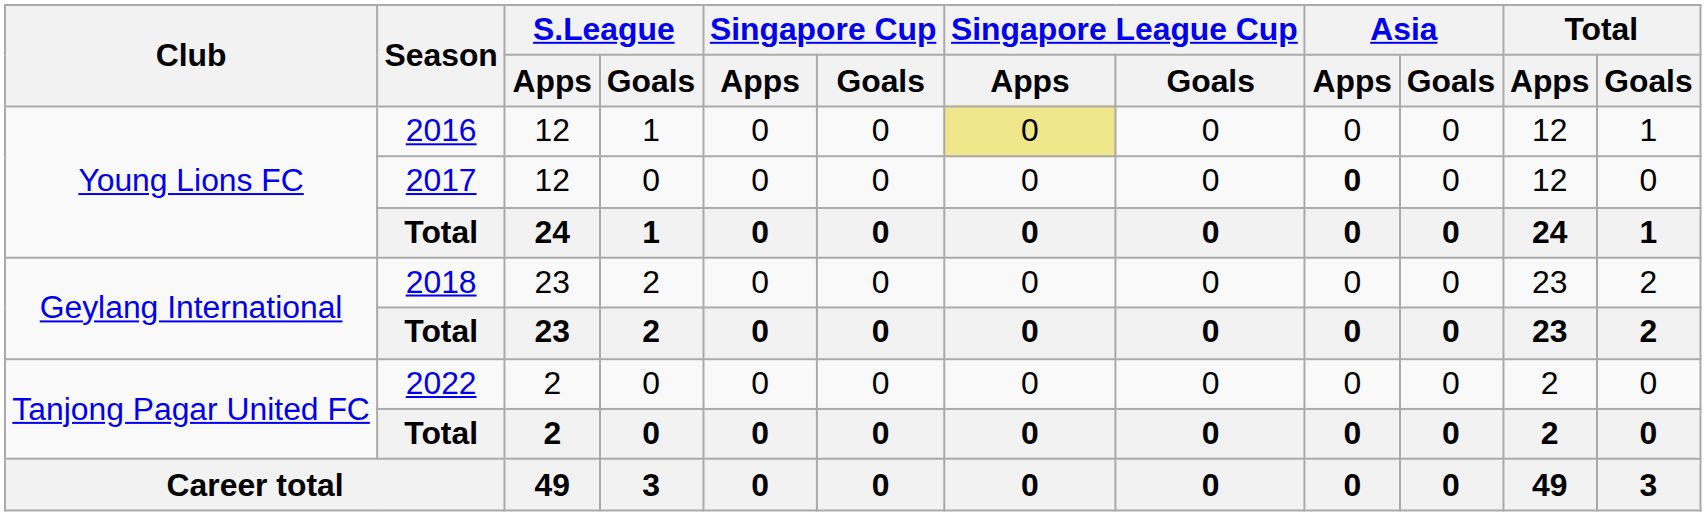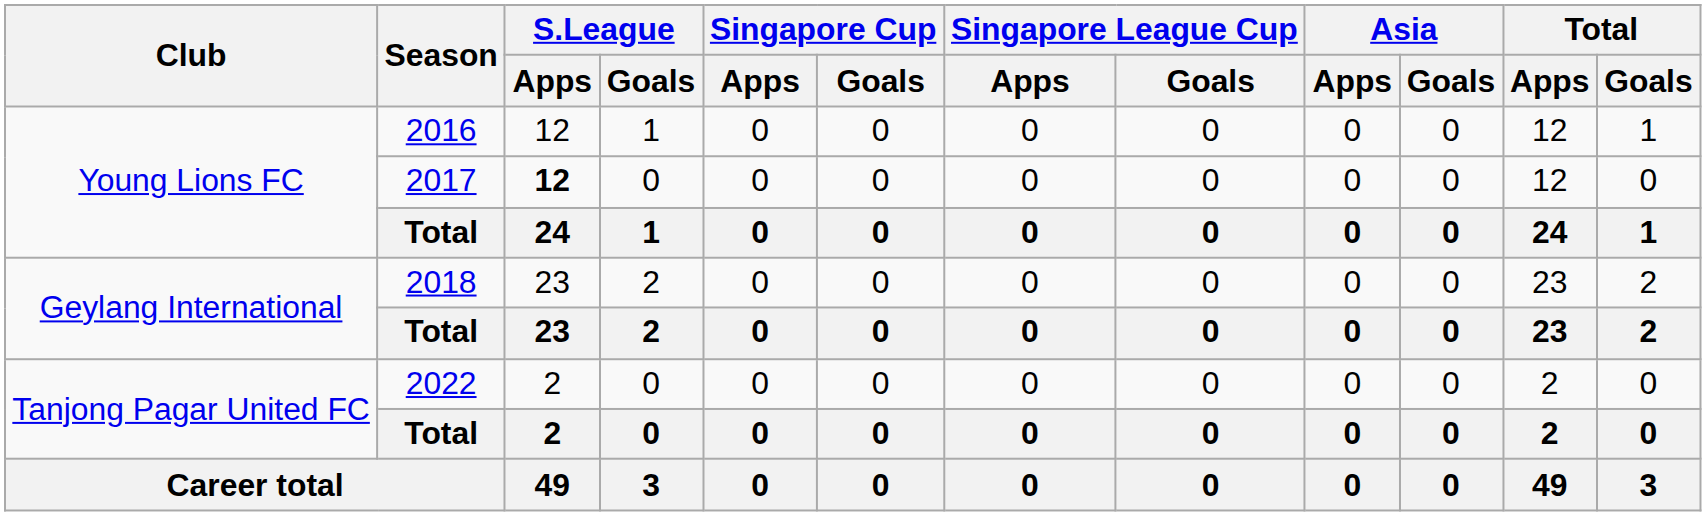 <table style="text-align:center" class="wikitable">
 <tr>
 <th rowspan="2">Club</th>
 <th rowspan="2">Season</th>
 <th colspan="2"><a href='#'>S.League</a></th>
 <th colspan="2"><a href='#'>Singapore Cup</a></th>
 <th colspan="2"><a href='#'>Singapore League Cup</a></th>
 <th colspan="2"><a href='#'>Asia</a></th>
 <th colspan="2">Total</th>
 </tr>
 <tr>
 <th>Apps</th>
 <th>Goals</th>
 <th>Apps</th>
 <th>Goals</th>
 <th>Apps</th>
 <th>Goals</th>
 <th>Apps</th>
 <th>Goals</th>
 <th>Apps</th>
 <th>Goals</th>
 </tr>
 <tr>
 <td rowspan="3"><a href='#'>Young Lions FC</a></td>
 <td><a href='#'>2016</a></td>
 <td>12</td>
 <td>1</td>
 <td>0</td>
 <td>0</td>
-<td style="background: khaki;">0</td>
+<td>0</td>
 <td>0</td>
 <td>0</td>
 <td>0</td>
 <td>12</td>
 <td>1</td>
 </tr>
 <tr>
 <td><a href='#'>2017</a></td>
-<td>12</td>
+<td><strong>12</strong></td>
 <td>0</td>
 <td>0</td>
 <td>0</td>
 <td>0</td>
 <td>0</td>
-<td><strong>0</strong></td>
+<td>0</td>
 <td>0</td>
 <td>12</td>
 <td>0</td>
 </tr>
 <tr>
 <th>Total</th>
 <th>24</th>
 <th>1</th>
 <th>0</th>
 <th>0</th>
 <th>0</th>
 <th>0</th>
 <th>0</th>
 <th>0</th>
 <th>24</th>
 <th>1</th>
 </tr>
 <tr>
 <td rowspan="2"><a href='#'>Geylang International</a></td>
 <td><a href='#'>2018</a></td>
 <td>23</td>
 <td>2</td>
 <td>0</td>
 <td>0</td>
 <td>0</td>
 <td>0</td>
 <td>0</td>
 <td>0</td>
 <td>23</td>
 <td>2</td>
 </tr>
 <tr>
 <th>Total</th>
 <th>23</th>
 <th>2</th>
 <th>0</th>
 <th>0</th>
 <th>0</th>
 <th>0</th>
 <th>0</th>
 <th>0</th>
 <th>23</th>
 <th>2</th>
 </tr>
 <tr>
 <td rowspan="2"><a href='#'>Tanjong Pagar United FC</a></td>
 <td><a href='#'>2022</a></td>
 <td>2</td>
 <td>0</td>
 <td>0</td>
 <td>0</td>
 <td>0</td>
 <td>0</td>
 <td>0</td>
 <td>0</td>
 <td>2</td>
 <td>0</td>
 </tr>
 <tr>
 <th>Total</th>
 <th>2</th>
 <th>0</th>
 <th>0</th>
 <th>0</th>
 <th>0</th>
 <th>0</th>
 <th>0</th>
 <th>0</th>
 <th>2</th>
 <th>0</th>
 </tr>
 <tr>
 <th colspan=2>Career total</th>
 <th>49</th>
 <th>3</th>
 <th>0</th>
 <th>0</th>
 <th>0</th>
 <th>0</th>
 <th>0</th>
 <th>0</th>
 <th>49</th>
 <th>3</th>
 </tr>
 </table>
